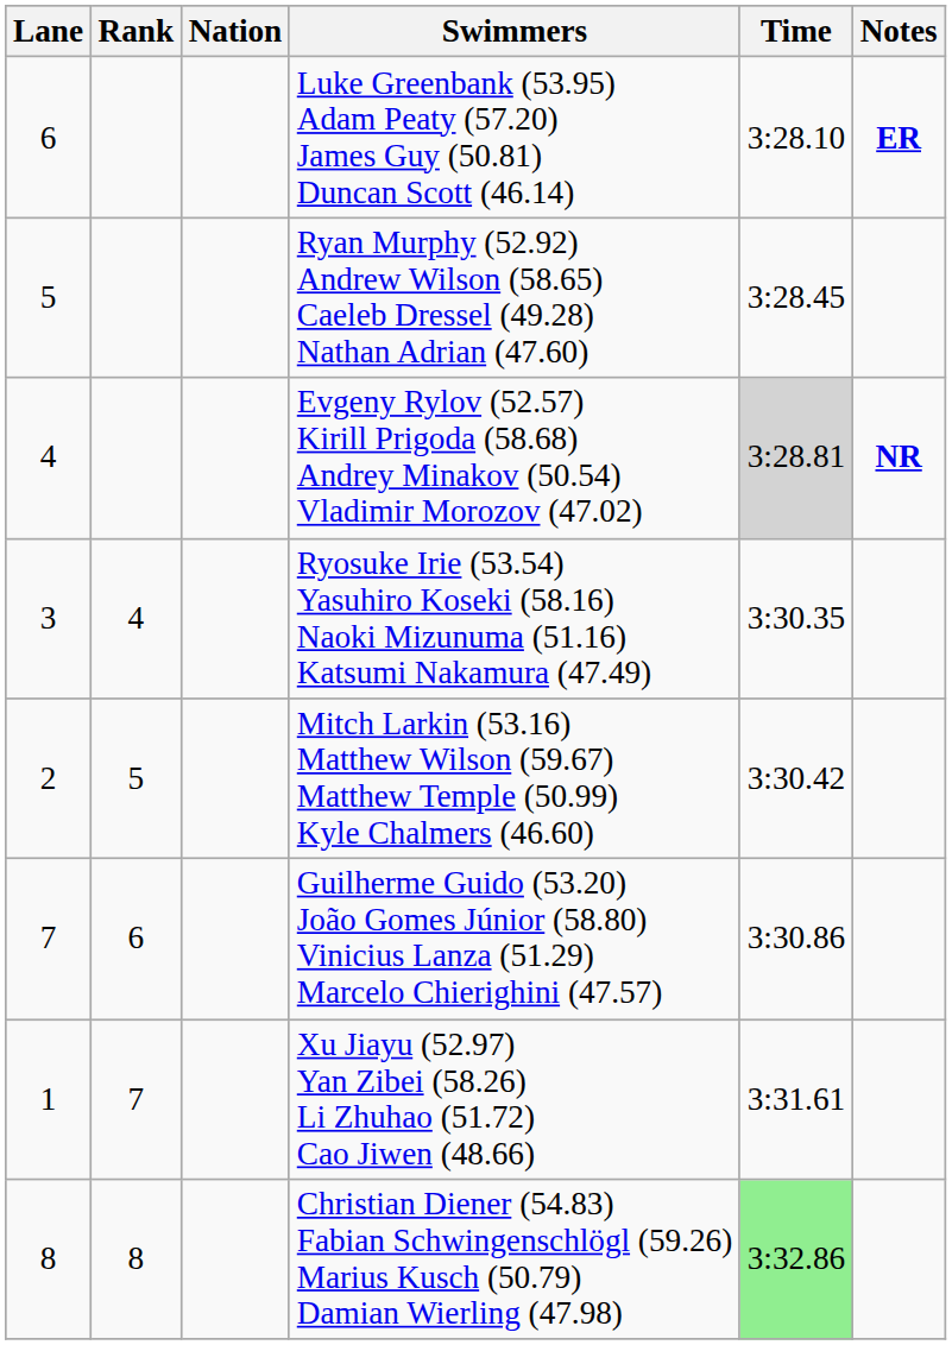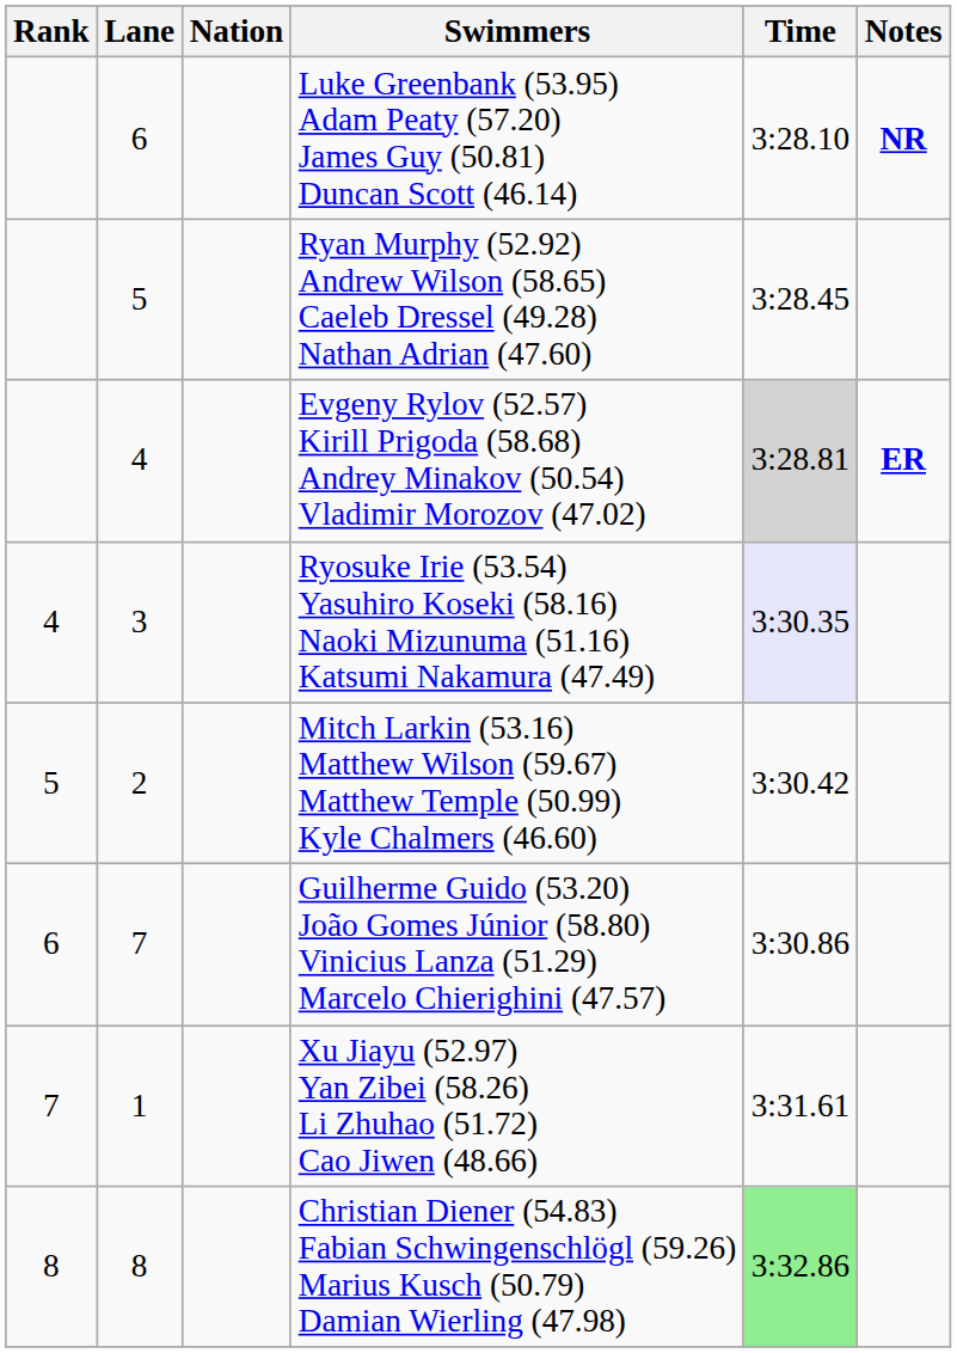 <table class="wikitable sortable" style="text-align:center">
 <tr>
+<th>Rank</th>
 <th>Lane</th>
-<th>Rank</th>
 <th>Nation</th>
 <th>Swimmers</th>
 <th>Time</th>
 <th>Notes</th>
 </tr>
 <tr>
+<td></td>
 <td>6</td>
-<td></td>
 <td align=left></td>
 <td align=left><a href='#'>Luke Greenbank</a> (53.95)<br><a href='#'>Adam Peaty</a> (57.20)<br><a href='#'>James Guy</a> (50.81)<br><a href='#'>Duncan Scott</a> (46.14)</td>
 <td>3:28.10</td>
-<td><strong><a href='#'>ER</a></strong></td>
+<td><strong><a href='#'>NR</a></strong></td>
 </tr>
 <tr>
+<td></td>
 <td>5</td>
-<td></td>
 <td align=left></td>
 <td align=left><a href='#'>Ryan Murphy</a> (52.92)<br><a href='#'>Andrew Wilson</a> (58.65)<br><a href='#'>Caeleb Dressel</a> (49.28)<br><a href='#'>Nathan Adrian</a> (47.60)</td>
 <td>3:28.45</td>
 <td></td>
 </tr>
 <tr>
+<td></td>
 <td>4</td>
-<td></td>
 <td align=left></td>
 <td align=left><a href='#'>Evgeny Rylov</a> (52.57)<br><a href='#'>Kirill Prigoda</a> (58.68)<br><a href='#'>Andrey Minakov</a> (50.54)<br><a href='#'>Vladimir Morozov</a> (47.02)</td>
 <td style="background: lightgrey;">3:28.81</td>
-<td><strong><a href='#'>NR</a></strong></td>
+<td><strong><a href='#'>ER</a></strong></td>
 </tr>
 <tr>
+<td>4</td>
 <td>3</td>
-<td>4</td>
 <td align=left></td>
 <td align=left><a href='#'>Ryosuke Irie</a> (53.54)<br><a href='#'>Yasuhiro Koseki</a> (58.16)<br><a href='#'>Naoki Mizunuma</a> (51.16)<br><a href='#'>Katsumi Nakamura</a> (47.49)</td>
-<td>3:30.35</td>
+<td style="background: lavender;">3:30.35</td>
 <td></td>
 </tr>
 <tr>
+<td>5</td>
 <td>2</td>
-<td>5</td>
 <td align=left></td>
 <td align=left><a href='#'>Mitch Larkin</a> (53.16)<br><a href='#'>Matthew Wilson</a> (59.67)<br><a href='#'>Matthew Temple</a> (50.99)<br><a href='#'>Kyle Chalmers</a> (46.60)</td>
 <td>3:30.42</td>
 <td></td>
 </tr>
 <tr>
+<td>6</td>
 <td>7</td>
-<td>6</td>
 <td align=left></td>
 <td align=left><a href='#'>Guilherme Guido</a> (53.20)<br><a href='#'>João Gomes Júnior</a> (58.80)<br><a href='#'>Vinicius Lanza</a> (51.29)<br><a href='#'>Marcelo Chierighini</a> (47.57)</td>
 <td>3:30.86</td>
 <td></td>
 </tr>
 <tr>
+<td>7</td>
 <td>1</td>
-<td>7</td>
 <td align=left></td>
 <td align=left><a href='#'>Xu Jiayu</a> (52.97)<br><a href='#'>Yan Zibei</a> (58.26)<br><a href='#'>Li Zhuhao</a> (51.72)<br><a href='#'>Cao Jiwen</a> (48.66)</td>
 <td>3:31.61</td>
 <td></td>
 </tr>
 <tr>
 <td>8</td>
 <td>8</td>
 <td align=left></td>
 <td align=left><a href='#'>Christian Diener</a> (54.83)<br><a href='#'>Fabian Schwingenschlögl</a> (59.26)<br><a href='#'>Marius Kusch</a> (50.79)<br><a href='#'>Damian Wierling</a> (47.98)</td>
 <td style="background: lightgreen;">3:32.86</td>
 <td></td>
 </tr>
 </table>
